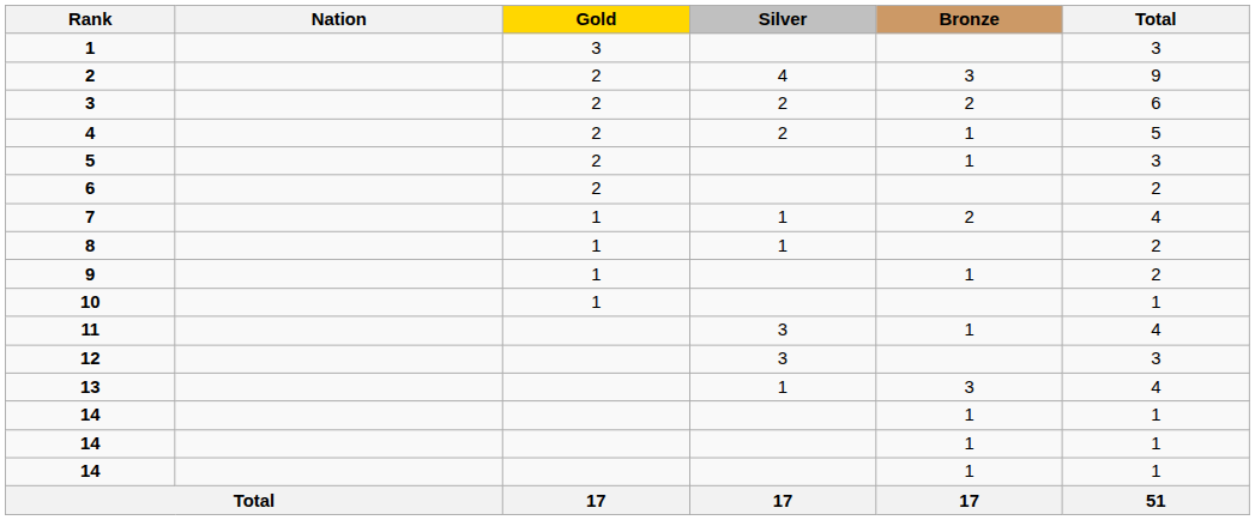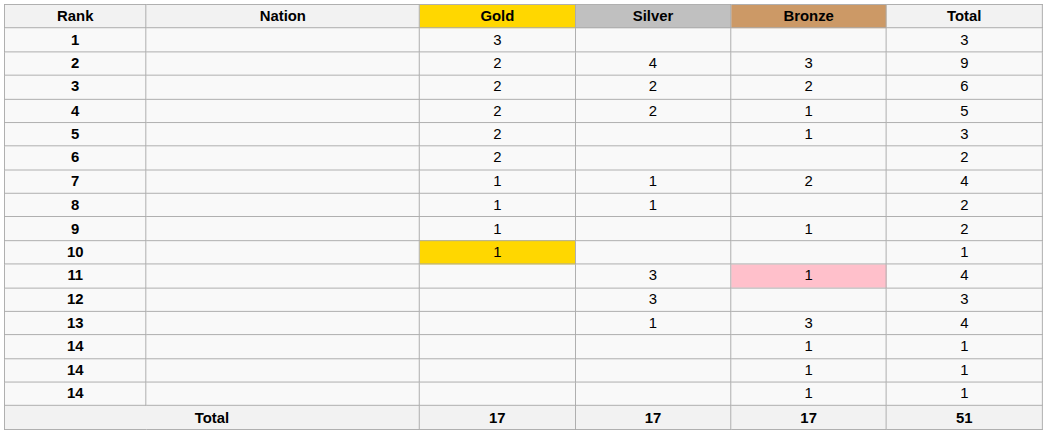 <table class="wikitable collapsible autocollapse plainrowheaders" width=70.5% style="text-align:center;">
 <tr style="background-color:#EDEDED;">
 <th width=100px class="hintergrundfarbe5">Rank</th>
 <th width=200px class="hintergrundfarbe6">Nation</th>
 <th style="background:    gold; width:15%">Gold</th>
 <th style="background:  silver; width:15%">Silver</th>
 <th style="background: #CC9966; width:15%">Bronze</th>
 <th class="hintergrundfarbe6" style="width:15%">Total</th>
 </tr>
 <tr>
 <td><strong>1</strong></td>
 <td align=left></td>
 <td>3</td>
 <td></td>
 <td></td>
 <td>3</td>
 </tr>
 <tr>
 <td><strong>2</strong></td>
 <td align=left></td>
 <td>2</td>
 <td>4</td>
 <td>3</td>
 <td>9</td>
 </tr>
 <tr>
 <td><strong>3</strong></td>
 <td align=left></td>
 <td>2</td>
 <td>2</td>
 <td>2</td>
 <td>6</td>
 </tr>
 <tr>
 <td><strong>4</strong></td>
 <td align=left></td>
 <td>2</td>
 <td>2</td>
 <td>1</td>
 <td>5</td>
 </tr>
 <tr>
 <td><strong>5</strong></td>
 <td align=left></td>
 <td>2</td>
 <td></td>
 <td>1</td>
 <td>3</td>
 </tr>
 <tr>
 <td><strong>6</strong></td>
 <td align=left></td>
 <td>2</td>
 <td></td>
 <td></td>
 <td>2</td>
 </tr>
 <tr>
 <td><strong>7</strong></td>
 <td align=left></td>
 <td>1</td>
 <td>1</td>
 <td>2</td>
 <td>4</td>
 </tr>
 <tr>
 <td><strong>8</strong></td>
 <td align=left></td>
 <td>1</td>
 <td>1</td>
 <td></td>
 <td>2</td>
 </tr>
 <tr>
 <td><strong>9</strong></td>
 <td align=left></td>
 <td>1</td>
 <td></td>
 <td>1</td>
 <td>2</td>
 </tr>
 <tr>
 <td><strong>10</strong></td>
 <td align=left></td>
-<td>1</td>
+<td style="background: gold;">1</td>
 <td></td>
 <td></td>
 <td>1</td>
 </tr>
 <tr>
 <td><strong>11</strong></td>
 <td align=left></td>
 <td></td>
 <td>3</td>
-<td>1</td>
+<td style="background: pink;">1</td>
 <td>4</td>
 </tr>
 <tr>
 <td><strong>12</strong></td>
 <td align=left></td>
 <td></td>
 <td>3</td>
 <td></td>
 <td>3</td>
 </tr>
 <tr>
 <td><strong>13</strong></td>
 <td align=left></td>
 <td></td>
 <td>1</td>
 <td>3</td>
 <td>4</td>
 </tr>
 <tr>
 <td><strong>14</strong></td>
 <td align=left></td>
 <td></td>
 <td></td>
 <td>1</td>
 <td>1</td>
 </tr>
 <tr>
 <td><strong>14</strong></td>
 <td align=left></td>
 <td></td>
 <td></td>
 <td>1</td>
 <td>1</td>
 </tr>
 <tr>
 <td><strong>14</strong></td>
 <td align=left></td>
 <td></td>
 <td></td>
 <td>1</td>
 <td>1</td>
 </tr>
 <tr>
 <th colspan=2>Total</th>
 <th>17</th>
 <th>17</th>
 <th>17</th>
 <th>51</th>
 </tr>
 </table>
